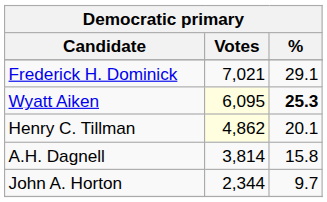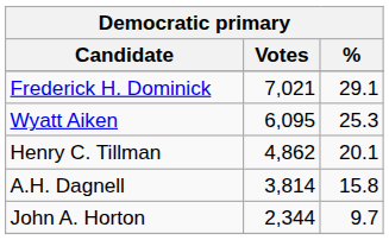 <table class="wikitable" align="left" style="margin: 1em 1em 1em 0; font-size: 95%;">
 <tr>
 <th colspan="3">Democratic primary</th>
 </tr>
 <tr>
 <th colspan="1" style="width: 170px">Candidate</th>
 <th style="width: 50px">Votes</th>
 <th style="width: 40px">%</th>
 </tr>
 <tr>
 </tr>
 <tr>
 <td><a href='#'>Frederick H. Dominick</a></td>
 <td align="right">7,021</td>
 <td align="right">29.1</td>
 </tr>
 <tr>
 <td><a href='#'>Wyatt Aiken</a></td>
-<td align="right" style="background: lightyellow;">6,095</td>
-<td align="right"><strong>25.3</strong></td>
+<td align="right">6,095</td>
+<td align="right">25.3</td>
 </tr>
 <tr>
 <td>Henry C. Tillman</td>
-<td align="right" style="background: lightyellow;">4,862</td>
+<td align="right">4,862</td>
 <td align="right">20.1</td>
 </tr>
 <tr>
 <td>A.H. Dagnell</td>
 <td align="right">3,814</td>
 <td align="right">15.8</td>
 </tr>
 <tr>
 <td>John A. Horton</td>
 <td align="right">2,344</td>
 <td align="right">9.7</td>
 </tr>
 <tr>
 </tr>
 </table>
